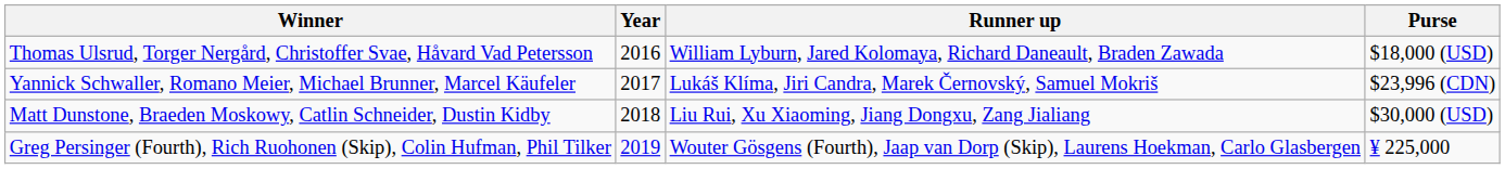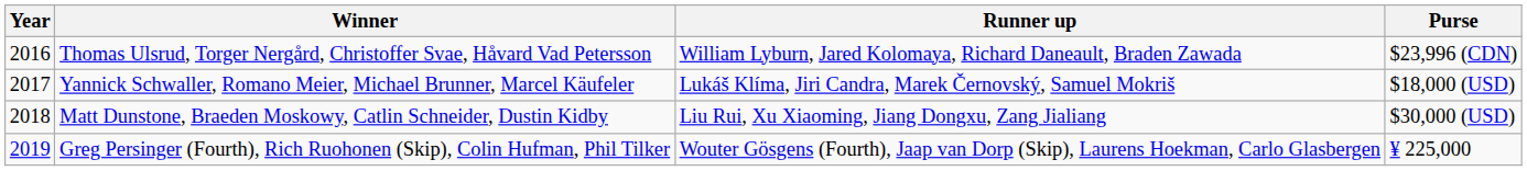 <table class="wikitable">
 <tr>
+<th>Year</th>
 <th>Winner</th>
-<th>Year</th>
 <th>Runner up</th>
 <th>Purse</th>
 </tr>
 <tr>
+<td>2016</td>
 <td> <a href='#'>Thomas Ulsrud</a>, <a href='#'>Torger Nergård</a>, <a href='#'>Christoffer Svae</a>, <a href='#'>Håvard Vad Petersson</a></td>
-<td>2016</td>
 <td> <a href='#'>William Lyburn</a>, <a href='#'>Jared Kolomaya</a>, <a href='#'>Richard Daneault</a>, <a href='#'>Braden Zawada</a></td>
+<td>$23,996 (<a href='#'>CDN</a>)</td>
+</tr>
+<tr>
+<td>2017</td>
+<td> <a href='#'>Yannick Schwaller</a>, <a href='#'>Romano Meier</a>, <a href='#'>Michael Brunner</a>, <a href='#'>Marcel Käufeler</a></td>
+<td> <a href='#'>Lukáš Klíma</a>, <a href='#'>Jiri Candra</a>, <a href='#'>Marek Černovský</a>, <a href='#'>Samuel Mokriš</a></td>
 <td>$18,000 (<a href='#'>USD</a>)</td>
 </tr>
 <tr>
-<td> <a href='#'>Yannick Schwaller</a>, <a href='#'>Romano Meier</a>, <a href='#'>Michael Brunner</a>, <a href='#'>Marcel Käufeler</a></td>
-<td>2017</td>
-<td> <a href='#'>Lukáš Klíma</a>, <a href='#'>Jiri Candra</a>, <a href='#'>Marek Černovský</a>, <a href='#'>Samuel Mokriš</a></td>
-<td>$23,996 (<a href='#'>CDN</a>)</td>
-</tr>
-<tr>
+<td>2018</td>
 <td> <a href='#'>Matt Dunstone</a>, <a href='#'>Braeden Moskowy</a>, <a href='#'>Catlin Schneider</a>, <a href='#'>Dustin Kidby</a></td>
-<td>2018</td>
 <td> <a href='#'>Liu Rui</a>, <a href='#'>Xu Xiaoming</a>, <a href='#'>Jiang Dongxu</a>, <a href='#'>Zang Jialiang</a></td>
 <td>$30,000 (<a href='#'>USD</a>)</td>
 </tr>
 <tr>
+<td><a href='#'>2019</a></td>
 <td> <a href='#'>Greg Persinger</a> (Fourth), <a href='#'>Rich Ruohonen</a> (Skip), <a href='#'>Colin Hufman</a>, <a href='#'>Phil Tilker</a></td>
-<td><a href='#'>2019</a></td>
 <td> <a href='#'>Wouter Gösgens</a> (Fourth), <a href='#'>Jaap van Dorp</a> (Skip), <a href='#'>Laurens Hoekman</a>, <a href='#'>Carlo Glasbergen</a></td>
 <td><a href='#'>¥</a> 225,000</td>
 </tr>
 </table>
